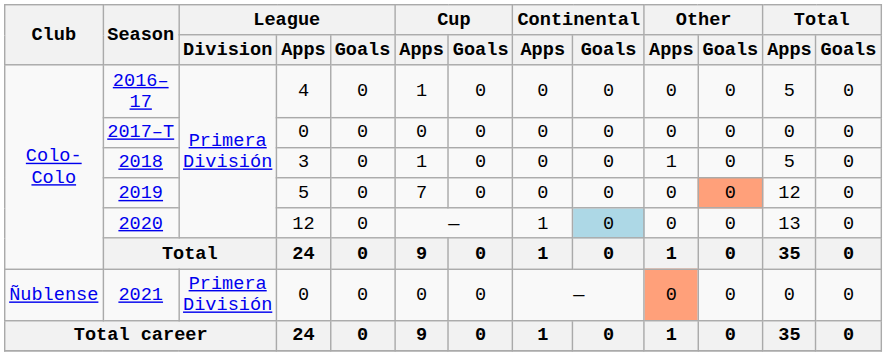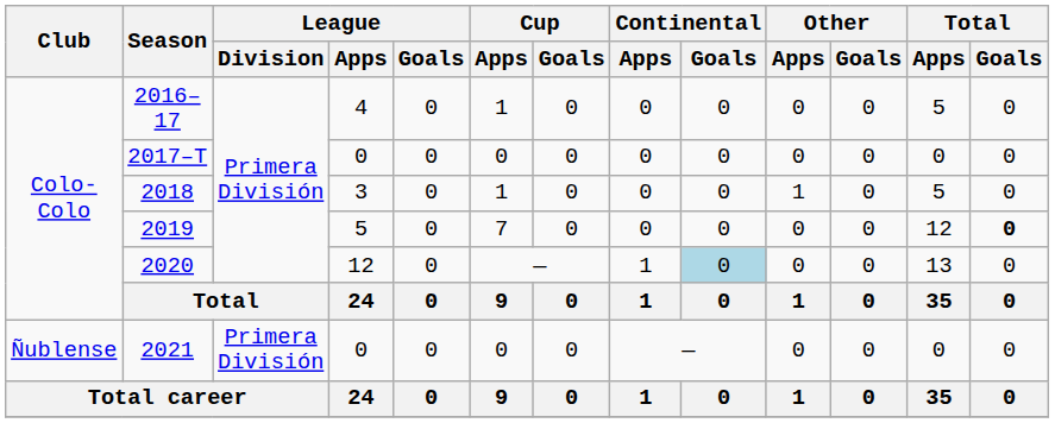 <table class="wikitable" Style="text-align: center">
 <tr>
 <th rowspan="2">Club</th>
 <th rowspan="2">Season</th>
 <th colspan="3">League</th>
 <th colspan="2">Cup</th>
 <th colspan="2">Continental</th>
 <th colspan="2">Other</th>
 <th colspan="2">Total</th>
 </tr>
 <tr>
 <th>Division</th>
 <th>Apps</th>
 <th>Goals</th>
 <th>Apps</th>
 <th>Goals</th>
 <th>Apps</th>
 <th>Goals</th>
 <th>Apps</th>
 <th>Goals</th>
 <th>Apps</th>
 <th>Goals</th>
 </tr>
 <tr>
 <td rowspan="6"><a href='#'>Colo-Colo</a></td>
 <td><a href='#'>2016–17</a></td>
 <td rowspan="5"><a href='#'>Primera División</a></td>
 <td>4</td>
 <td>0</td>
 <td>1</td>
 <td>0</td>
 <td>0</td>
 <td>0</td>
 <td>0</td>
 <td>0</td>
 <td>5</td>
 <td>0</td>
 </tr>
 <tr>
 <td><a href='#'>2017–T</a></td>
 <td>0</td>
 <td>0</td>
 <td>0</td>
 <td>0</td>
 <td>0</td>
 <td>0</td>
 <td>0</td>
 <td>0</td>
 <td>0</td>
 <td>0</td>
 </tr>
 <tr>
 <td><a href='#'>2018</a></td>
 <td>3</td>
 <td>0</td>
 <td>1</td>
 <td>0</td>
 <td>0</td>
 <td>0</td>
 <td>1</td>
 <td>0</td>
 <td>5</td>
 <td>0</td>
 </tr>
 <tr>
 <td><a href='#'>2019</a></td>
 <td>5</td>
 <td>0</td>
 <td>7</td>
 <td>0</td>
 <td>0</td>
 <td>0</td>
 <td>0</td>
-<td style="background: lightsalmon;">0</td>
+<td>0</td>
 <td>12</td>
-<td>0</td>
+<td><strong>0</strong></td>
 </tr>
 <tr>
 <td><a href='#'>2020</a></td>
 <td>12</td>
 <td>0</td>
 <td colspan="2">—</td>
 <td>1</td>
 <td style="background: lightblue;">0</td>
 <td>0</td>
 <td>0</td>
 <td>13</td>
 <td>0</td>
 </tr>
 <tr>
 <th colspan="2">Total</th>
 <th>24</th>
 <th>0</th>
 <th>9</th>
 <th>0</th>
 <th>1</th>
 <th>0</th>
 <th>1</th>
 <th>0</th>
 <th>35</th>
 <th>0</th>
 </tr>
 <tr>
 <td><a href='#'>Ñublense</a></td>
 <td><a href='#'>2021</a></td>
 <td><a href='#'>Primera División</a></td>
 <td>0</td>
 <td>0</td>
 <td>0</td>
 <td>0</td>
 <td colspan="2">—</td>
-<td style="background: lightsalmon;">0</td>
+<td>0</td>
 <td>0</td>
 <td>0</td>
 <td>0</td>
 </tr>
 <tr>
 <th colspan="3">Total career</th>
 <th>24</th>
 <th>0</th>
 <th>9</th>
 <th>0</th>
 <th>1</th>
 <th>0</th>
 <th>1</th>
 <th>0</th>
 <th>35</th>
 <th>0</th>
 </tr>
 <tr>
 </tr>
 </table>
